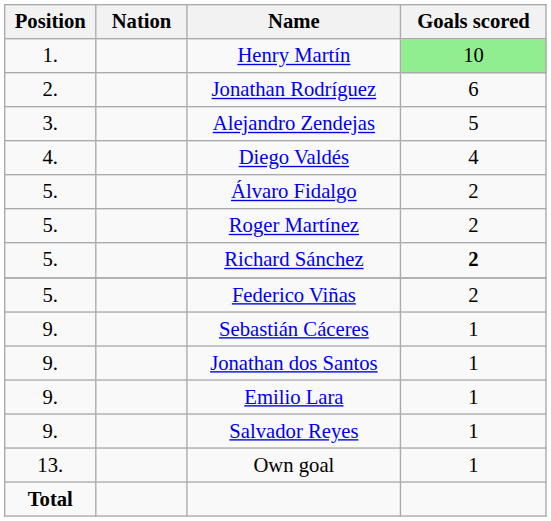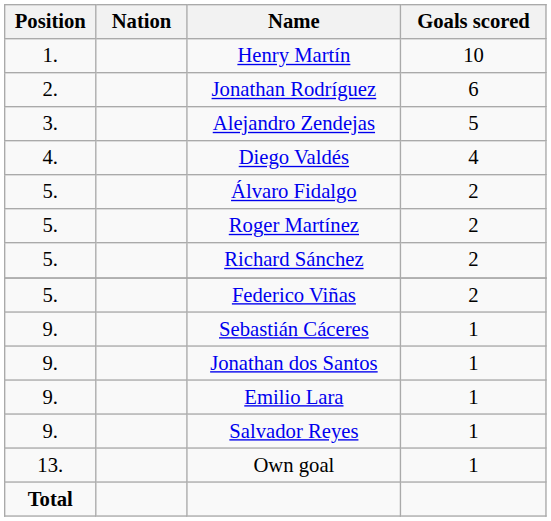 <table class="wikitable" style="font-size: 95%; text-align: center;">
 <tr>
 <th width=60>Position</th>
 <th width=60>Nation</th>
 <th width=150>Name</th>
 <th width=100>Goals scored</th>
 </tr>
 <tr>
 <td>1.</td>
 <td></td>
 <td><a href='#'>Henry Martín</a></td>
-<td style="background: lightgreen;">10</td>
+<td>10</td>
 </tr>
 <tr>
 <td>2.</td>
 <td></td>
 <td><a href='#'>Jonathan Rodríguez</a></td>
 <td>6</td>
 </tr>
 <tr>
 <td>3.</td>
 <td></td>
 <td><a href='#'>Alejandro Zendejas</a></td>
 <td>5</td>
 </tr>
 <tr>
 <td>4.</td>
 <td></td>
 <td><a href='#'>Diego Valdés</a></td>
 <td>4</td>
 </tr>
 <tr>
 <td>5.</td>
 <td></td>
 <td><a href='#'>Álvaro Fidalgo</a></td>
 <td>2</td>
 </tr>
 <tr>
 <td>5.</td>
 <td></td>
 <td><a href='#'>Roger Martínez</a></td>
 <td>2</td>
 </tr>
 <tr>
 <td>5.</td>
 <td></td>
 <td><a href='#'>Richard Sánchez</a></td>
-<td><strong>2</strong></td>
+<td>2</td>
 </tr>
 <tr>
 </tr>
 <tr>
 <td>5.</td>
 <td></td>
 <td><a href='#'>Federico Viñas</a></td>
 <td>2</td>
 </tr>
 <tr>
 <td>9.</td>
 <td></td>
 <td><a href='#'>Sebastián Cáceres</a></td>
 <td>1</td>
 </tr>
 <tr>
 <td>9.</td>
 <td></td>
 <td><a href='#'>Jonathan dos Santos</a></td>
 <td>1</td>
 </tr>
 <tr>
 <td>9.</td>
 <td></td>
 <td><a href='#'>Emilio Lara</a></td>
 <td>1</td>
 </tr>
 <tr>
 <td>9.</td>
 <td></td>
 <td><a href='#'>Salvador Reyes</a></td>
 <td>1</td>
 </tr>
 <tr>
 <td>13.</td>
 <td></td>
 <td>Own goal</td>
 <td>1</td>
 </tr>
 <tr>
 <td><strong>Total</strong></td>
 <td></td>
 <td></td>
 <td></td>
 </tr>
 </table>
